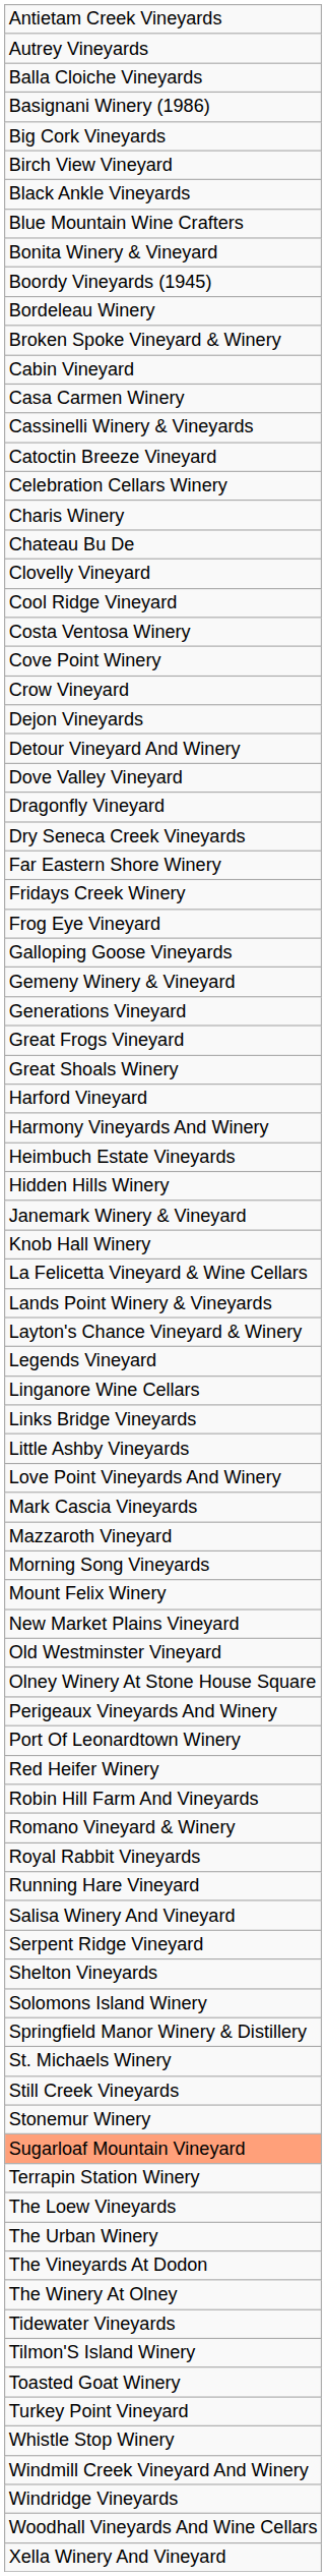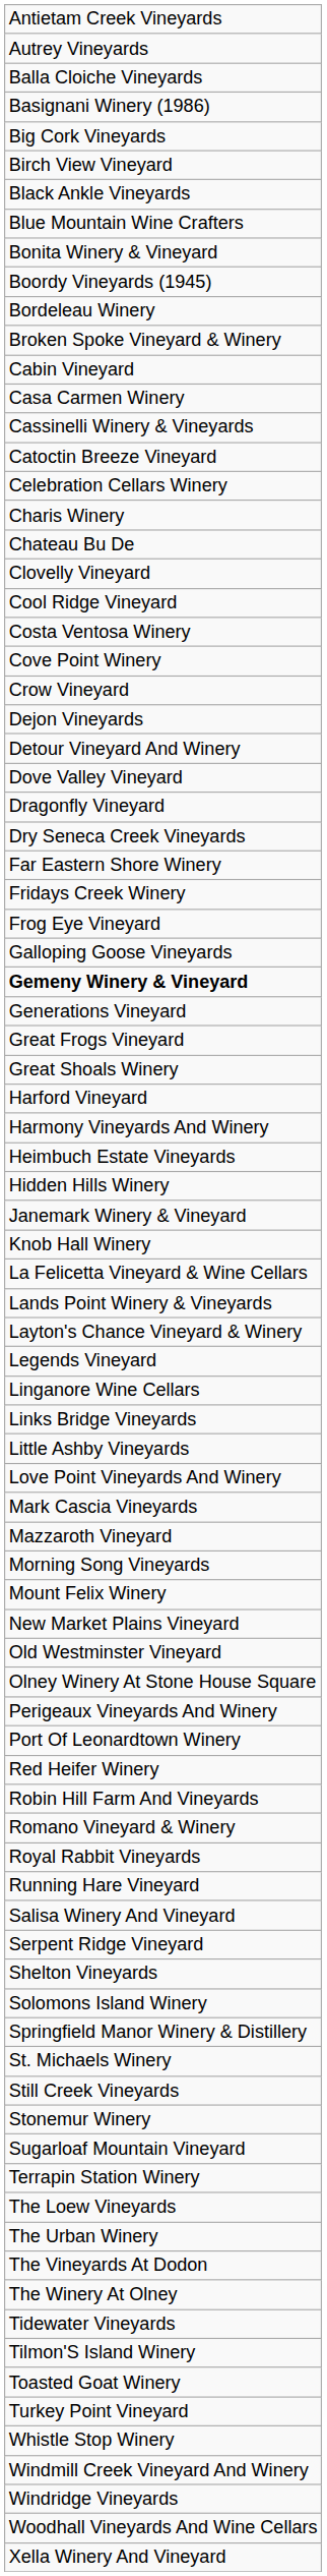 <table class="wikitable">
 <tr>
 <td>Antietam Creek  Vineyards</td>
 </tr>
 <tr>
 <td>Autrey Vineyards</td>
 </tr>
 <tr>
 <td>Balla Cloiche Vineyards</td>
 </tr>
 <tr>
 <td>Basignani Winery (1986)</td>
 </tr>
 <tr>
 <td>Big Cork Vineyards</td>
 </tr>
 <tr>
 <td>Birch View Vineyard</td>
 </tr>
 <tr>
 <td>Black Ankle Vineyards</td>
 </tr>
 <tr>
 <td>Blue Mountain Wine Crafters</td>
 </tr>
 <tr>
 <td>Bonita Winery & Vineyard</td>
 </tr>
 <tr>
 <td>Boordy Vineyards (1945)</td>
 </tr>
 <tr>
 <td>Bordeleau Winery</td>
 </tr>
 <tr>
 <td>Broken Spoke Vineyard & Winery</td>
 </tr>
 <tr>
 <td>Cabin Vineyard</td>
 </tr>
 <tr>
 <td>Casa Carmen Winery</td>
 </tr>
 <tr>
 <td>Cassinelli Winery & Vineyards</td>
 </tr>
 <tr>
 <td>Catoctin Breeze Vineyard</td>
 </tr>
 <tr>
 <td>Celebration Cellars Winery</td>
 </tr>
 <tr>
 <td>Charis Winery</td>
 </tr>
 <tr>
 <td>Chateau Bu De</td>
 </tr>
 <tr>
 <td>Clovelly Vineyard</td>
 </tr>
 <tr>
 <td>Cool Ridge Vineyard</td>
 </tr>
 <tr>
 <td>Costa Ventosa Winery</td>
 </tr>
 <tr>
 <td>Cove Point Winery</td>
 </tr>
 <tr>
 <td>Crow Vineyard</td>
 </tr>
 <tr>
 <td>Dejon Vineyards</td>
 </tr>
 <tr>
 <td>Detour Vineyard And Winery</td>
 </tr>
 <tr>
 <td>Dove Valley Vineyard</td>
 </tr>
 <tr>
 <td>Dragonfly Vineyard</td>
 </tr>
 <tr>
 <td>Dry Seneca Creek Vineyards</td>
 </tr>
 <tr>
 <td>Far Eastern Shore Winery</td>
 </tr>
 <tr>
 <td>Fridays Creek Winery</td>
 </tr>
 <tr>
 <td>Frog Eye Vineyard</td>
 </tr>
 <tr>
 <td>Galloping Goose Vineyards</td>
 </tr>
 <tr>
-<td>Gemeny Winery & Vineyard</td>
+<td><strong>Gemeny Winery & Vineyard</strong></td>
 </tr>
 <tr>
 <td>Generations Vineyard</td>
 </tr>
 <tr>
 <td>Great Frogs Vineyard</td>
 </tr>
 <tr>
 <td>Great Shoals Winery</td>
 </tr>
 <tr>
 <td>Harford Vineyard</td>
 </tr>
 <tr>
 <td>Harmony Vineyards And Winery</td>
 </tr>
 <tr>
 <td>Heimbuch Estate Vineyards</td>
 </tr>
 <tr>
 <td>Hidden Hills Winery</td>
 </tr>
 <tr>
 <td>Janemark Winery & Vineyard</td>
 </tr>
 <tr>
 <td>Knob Hall Winery</td>
 </tr>
 <tr>
 <td>La Felicetta Vineyard & Wine Cellars</td>
 </tr>
 <tr>
 <td>Lands Point Winery & Vineyards</td>
 </tr>
 <tr>
 <td>Layton's Chance Vineyard & Winery</td>
 </tr>
 <tr>
 <td>Legends Vineyard</td>
 </tr>
 <tr>
 <td>Linganore Wine Cellars</td>
 </tr>
 <tr>
 <td>Links Bridge Vineyards</td>
 </tr>
 <tr>
 <td>Little Ashby Vineyards</td>
 </tr>
 <tr>
 <td>Love Point Vineyards And Winery</td>
 </tr>
 <tr>
 <td>Mark Cascia Vineyards</td>
 </tr>
 <tr>
 <td>Mazzaroth Vineyard</td>
 </tr>
 <tr>
 <td>Morning Song Vineyards</td>
 </tr>
 <tr>
 <td>Mount Felix Winery</td>
 </tr>
 <tr>
 <td>New Market Plains Vineyard</td>
 </tr>
 <tr>
 <td>Old Westminster Vineyard</td>
 </tr>
 <tr>
 <td>Olney Winery At Stone House Square</td>
 </tr>
 <tr>
 <td>Perigeaux Vineyards And Winery</td>
 </tr>
 <tr>
 <td>Port Of Leonardtown Winery</td>
 </tr>
 <tr>
 <td>Red Heifer Winery</td>
 </tr>
 <tr>
 <td>Robin Hill Farm And Vineyards</td>
 </tr>
 <tr>
 <td>Romano Vineyard & Winery</td>
 </tr>
 <tr>
 <td>Royal Rabbit Vineyards</td>
 </tr>
 <tr>
 <td>Running Hare Vineyard</td>
 </tr>
 <tr>
 <td>Salisa Winery And Vineyard</td>
 </tr>
 <tr>
 <td>Serpent Ridge Vineyard</td>
 </tr>
 <tr>
 <td>Shelton Vineyards</td>
 </tr>
 <tr>
 <td>Solomons Island Winery</td>
 </tr>
 <tr>
 <td>Springfield Manor Winery & Distillery</td>
 </tr>
 <tr>
 <td>St. Michaels Winery</td>
 </tr>
 <tr>
 <td>Still Creek Vineyards</td>
 </tr>
 <tr>
 <td>Stonemur Winery</td>
 </tr>
 <tr>
-<td style="background: lightsalmon;">Sugarloaf Mountain Vineyard</td>
+<td>Sugarloaf Mountain Vineyard</td>
 </tr>
 <tr>
 <td>Terrapin Station Winery</td>
 </tr>
 <tr>
 <td>The Loew Vineyards</td>
 </tr>
 <tr>
 <td>The Urban Winery</td>
 </tr>
 <tr>
 <td>The Vineyards At Dodon</td>
 </tr>
 <tr>
 <td>The Winery At Olney</td>
 </tr>
 <tr>
 <td>Tidewater Vineyards</td>
 </tr>
 <tr>
 <td>Tilmon'S Island Winery</td>
 </tr>
 <tr>
 <td>Toasted Goat Winery</td>
 </tr>
 <tr>
 <td>Turkey Point Vineyard</td>
 </tr>
 <tr>
 <td>Whistle Stop Winery</td>
 </tr>
 <tr>
 <td>Windmill Creek Vineyard And Winery</td>
 </tr>
 <tr>
 <td>Windridge Vineyards</td>
 </tr>
 <tr>
 <td>Woodhall Vineyards And Wine Cellars</td>
 </tr>
 <tr>
 <td>Xella Winery And Vineyard</td>
 </tr>
 </table>
